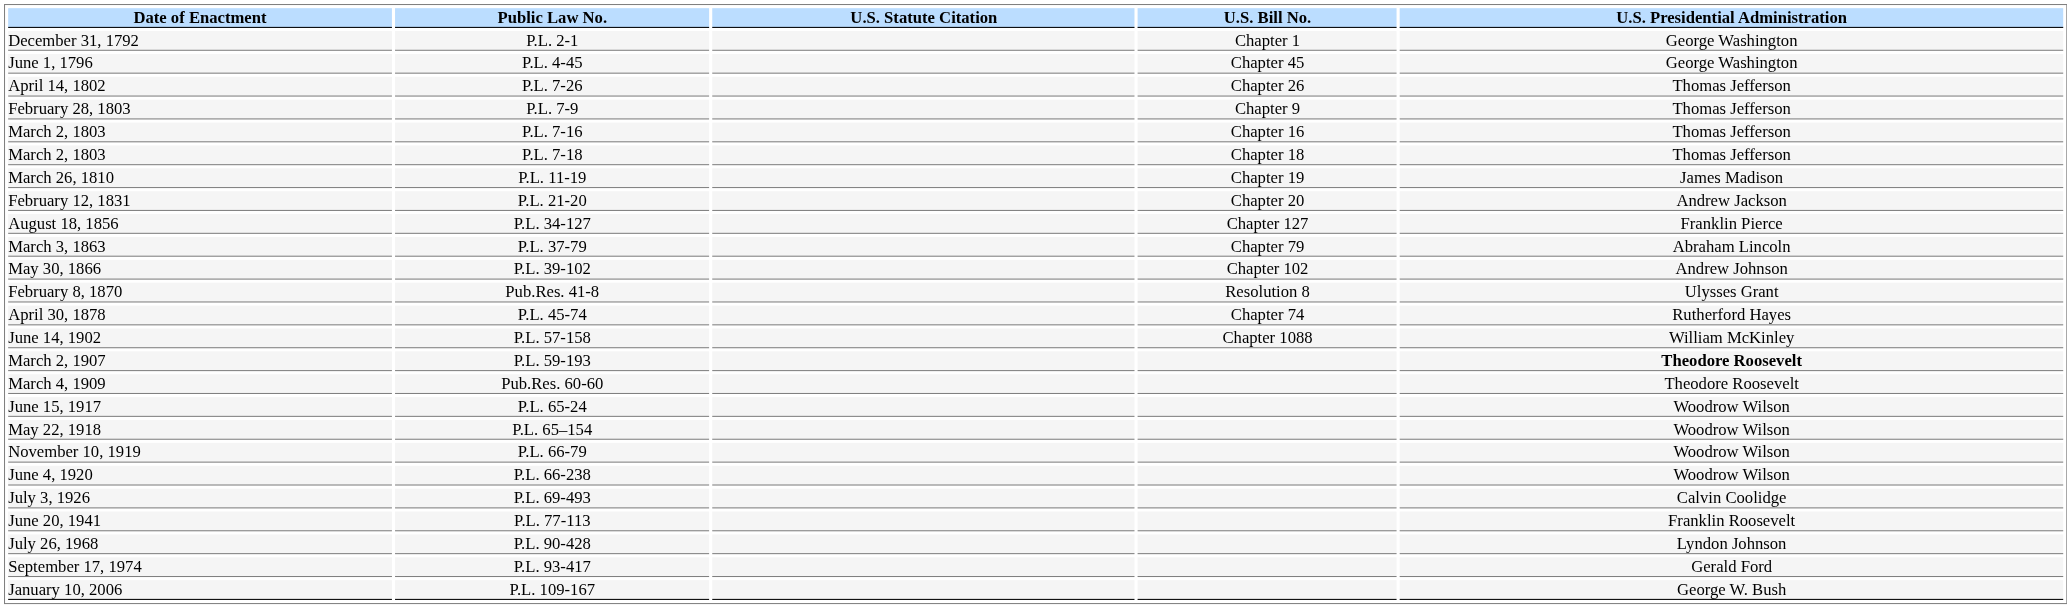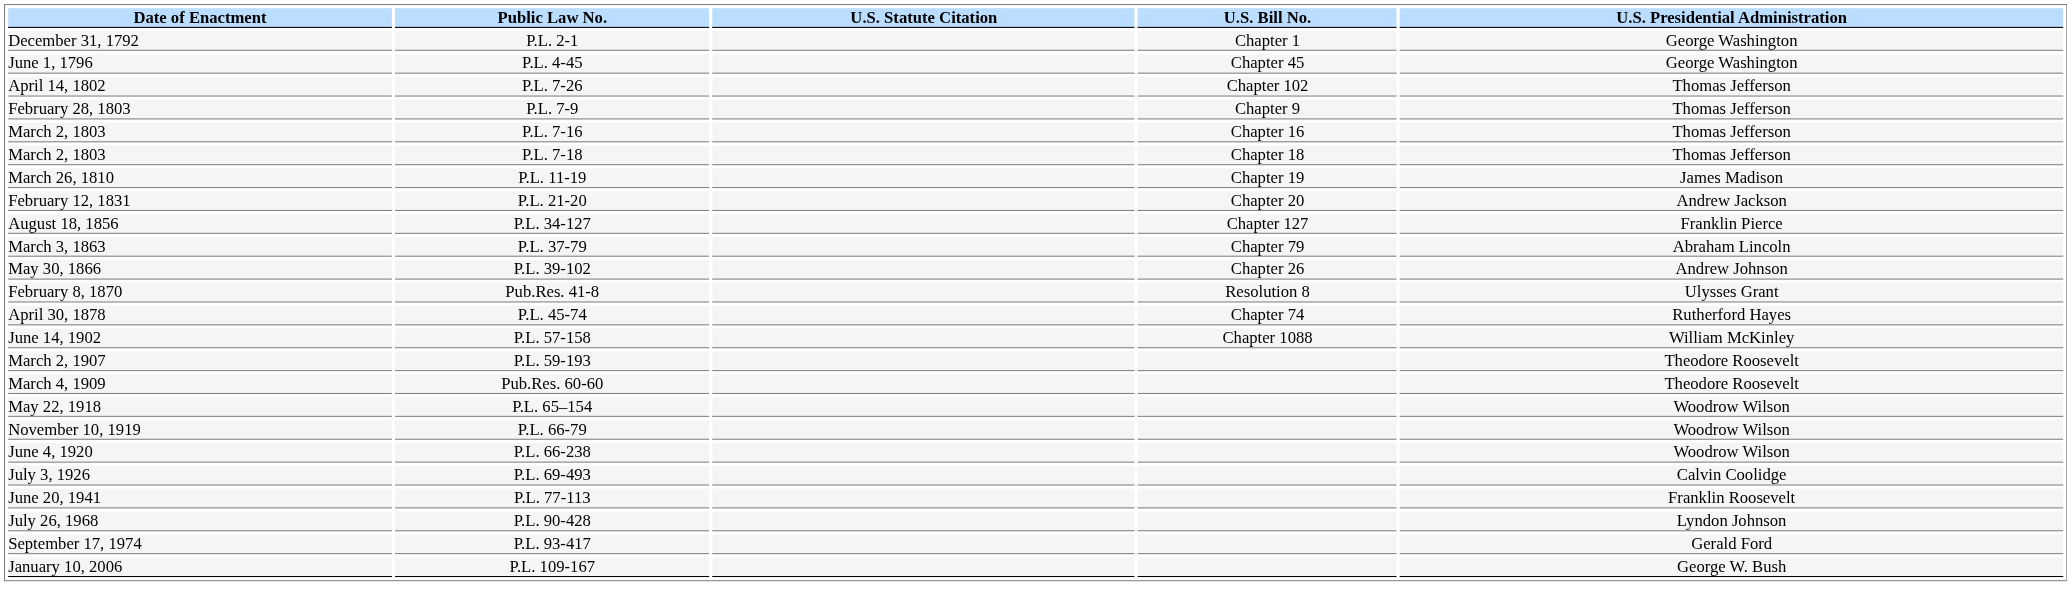 <table style="border:1px solid gray; align:left; width:100%" cellspacing=3 cellpadding=0>
 <tr style="font-weight:bold; text-align:center; background:#bbddff; color:black;">
 <th style=" border-bottom:1.5px solid black">Date of Enactment</th>
 <th style=" border-bottom:1.5px solid black">Public Law No.</th>
 <th style=" border-bottom:1.5px solid black">U.S. Statute Citation</th>
 <th style=" border-bottom:1.5px solid black">U.S. Bill No.</th>
 <th style=" border-bottom:1.5px solid black">U.S. Presidential Administration</th>
 </tr>
 <tr>
 <td style="border-bottom:1px solid gray; background:#F5F5F5;">December 31, 1792</td>
 <td style="border-bottom:1px solid gray; background:#F5F5F5; text-align:center;">P.L. 2-1</td>
 <td style="border-bottom:1px solid gray; background:#F5F5F5; text-align:center;"></td>
 <td style="border-bottom:1px solid gray; background:#F5F5F5; text-align:center;">Chapter 1</td>
 <td style="border-bottom:1px solid gray; background:#F5F5F5; text-align:center;">George Washington</td>
 </tr>
 <tr>
 <td style="border-bottom:1px solid gray; background:#F5F5F5;">June 1, 1796</td>
 <td style="border-bottom:1px solid gray; background:#F5F5F5; text-align:center;">P.L. 4-45</td>
 <td style="border-bottom:1px solid gray; background:#F5F5F5; text-align:center;"></td>
 <td style="border-bottom:1px solid gray; background:#F5F5F5; text-align:center;">Chapter 45</td>
 <td style="border-bottom:1px solid gray; background:#F5F5F5; text-align:center;">George Washington</td>
 </tr>
 <tr>
 <td style="border-bottom:1px solid gray; background:#F5F5F5;">April 14, 1802</td>
 <td style="border-bottom:1px solid gray; background:#F5F5F5; text-align:center;">P.L. 7-26</td>
 <td style="border-bottom:1px solid gray; background:#F5F5F5; text-align:center;"></td>
-<td style="border-bottom:1px solid gray; background:#F5F5F5; text-align:center;">Chapter 26</td>
+<td style="border-bottom:1px solid gray; background:#F5F5F5; text-align:center;">Chapter 102</td>
 <td style="border-bottom:1px solid gray; background:#F5F5F5; text-align:center;">Thomas Jefferson</td>
 </tr>
 <tr>
 <td style="border-bottom:1px solid gray; background:#F5F5F5;">February 28, 1803</td>
 <td style="border-bottom:1px solid gray; background:#F5F5F5; text-align:center;">P.L. 7-9</td>
 <td style="border-bottom:1px solid gray; background:#F5F5F5; text-align:center;"></td>
 <td style="border-bottom:1px solid gray; background:#F5F5F5; text-align:center;">Chapter 9</td>
 <td style="border-bottom:1px solid gray; background:#F5F5F5; text-align:center;">Thomas Jefferson</td>
 </tr>
 <tr>
 <td style="border-bottom:1px solid gray; background:#F5F5F5;">March 2, 1803</td>
 <td style="border-bottom:1px solid gray; background:#F5F5F5; text-align:center;">P.L. 7-16</td>
 <td style="border-bottom:1px solid gray; background:#F5F5F5; text-align:center;"></td>
 <td style="border-bottom:1px solid gray; background:#F5F5F5; text-align:center;">Chapter 16</td>
 <td style="border-bottom:1px solid gray; background:#F5F5F5; text-align:center;">Thomas Jefferson</td>
 </tr>
 <tr>
 <td style="border-bottom:1px solid gray; background:#F5F5F5;">March 2, 1803</td>
 <td style="border-bottom:1px solid gray; background:#F5F5F5; text-align:center;">P.L. 7-18</td>
 <td style="border-bottom:1px solid gray; background:#F5F5F5; text-align:center;"></td>
 <td style="border-bottom:1px solid gray; background:#F5F5F5; text-align:center;">Chapter 18</td>
 <td style="border-bottom:1px solid gray; background:#F5F5F5; text-align:center;">Thomas Jefferson</td>
 </tr>
 <tr>
 <td style="border-bottom:1px solid gray; background:#F5F5F5;">March 26, 1810</td>
 <td style="border-bottom:1px solid gray; background:#F5F5F5; text-align:center;">P.L. 11-19</td>
 <td style="border-bottom:1px solid gray; background:#F5F5F5; text-align:center;"></td>
 <td style="border-bottom:1px solid gray; background:#F5F5F5; text-align:center;">Chapter 19</td>
 <td style="border-bottom:1px solid gray; background:#F5F5F5; text-align:center;">James Madison</td>
 </tr>
 <tr>
 <td style="border-bottom:1px solid gray; background:#F5F5F5;">February 12, 1831</td>
 <td style="border-bottom:1px solid gray; background:#F5F5F5; text-align:center;">P.L. 21-20</td>
 <td style="border-bottom:1px solid gray; background:#F5F5F5; text-align:center;"></td>
 <td style="border-bottom:1px solid gray; background:#F5F5F5; text-align:center;">Chapter 20</td>
 <td style="border-bottom:1px solid gray; background:#F5F5F5; text-align:center;">Andrew Jackson</td>
 </tr>
 <tr>
 <td style="border-bottom:1px solid gray; background:#F5F5F5;">August 18, 1856</td>
 <td style="border-bottom:1px solid gray; background:#F5F5F5; text-align:center;">P.L. 34-127</td>
 <td style="border-bottom:1px solid gray; background:#F5F5F5; text-align:center;"></td>
 <td style="border-bottom:1px solid gray; background:#F5F5F5; text-align:center;">Chapter 127</td>
 <td style="border-bottom:1px solid gray; background:#F5F5F5; text-align:center;">Franklin Pierce</td>
 </tr>
 <tr>
 <td style="border-bottom:1px solid gray; background:#F5F5F5;">March 3, 1863</td>
 <td style="border-bottom:1px solid gray; background:#F5F5F5; text-align:center;">P.L. 37-79</td>
 <td style="border-bottom:1px solid gray; background:#F5F5F5; text-align:center;"></td>
 <td style="border-bottom:1px solid gray; background:#F5F5F5; text-align:center;">Chapter 79</td>
 <td style="border-bottom:1px solid gray; background:#F5F5F5; text-align:center;">Abraham Lincoln</td>
 </tr>
 <tr>
 <td style="border-bottom:1px solid gray; background:#F5F5F5;">May 30, 1866</td>
 <td style="border-bottom:1px solid gray; background:#F5F5F5; text-align:center;">P.L. 39-102</td>
 <td style="border-bottom:1px solid gray; background:#F5F5F5; text-align:center;"></td>
-<td style="border-bottom:1px solid gray; background:#F5F5F5; text-align:center;">Chapter 102</td>
+<td style="border-bottom:1px solid gray; background:#F5F5F5; text-align:center;">Chapter 26</td>
 <td style="border-bottom:1px solid gray; background:#F5F5F5; text-align:center;">Andrew Johnson</td>
 </tr>
 <tr>
 <td style="border-bottom:1px solid gray; background:#F5F5F5;">February 8, 1870</td>
 <td style="border-bottom:1px solid gray; background:#F5F5F5; text-align:center;">Pub.Res. 41-8</td>
 <td style="border-bottom:1px solid gray; background:#F5F5F5; text-align:center;"></td>
 <td style="border-bottom:1px solid gray; background:#F5F5F5; text-align:center;">Resolution 8</td>
 <td style="border-bottom:1px solid gray; background:#F5F5F5; text-align:center;">Ulysses Grant</td>
 </tr>
 <tr>
 <td style="border-bottom:1px solid gray; background:#F5F5F5;">April 30, 1878</td>
 <td style="border-bottom:1px solid gray; background:#F5F5F5; text-align:center;">P.L. 45-74</td>
 <td style="border-bottom:1px solid gray; background:#F5F5F5; text-align:center;"></td>
 <td style="border-bottom:1px solid gray; background:#F5F5F5; text-align:center;">Chapter 74</td>
 <td style="border-bottom:1px solid gray; background:#F5F5F5; text-align:center;">Rutherford Hayes</td>
 </tr>
 <tr>
 <td style="border-bottom:1px solid gray; background:#F5F5F5;">June 14, 1902</td>
 <td style="border-bottom:1px solid gray; background:#F5F5F5; text-align:center;">P.L. 57-158</td>
 <td style="border-bottom:1px solid gray; background:#F5F5F5; text-align:center;"></td>
 <td style="border-bottom:1px solid gray; background:#F5F5F5; text-align:center;">Chapter 1088</td>
 <td style="border-bottom:1px solid gray; background:#F5F5F5; text-align:center;">William McKinley</td>
 </tr>
 <tr>
 <td style="border-bottom:1px solid gray; background:#F5F5F5;">March 2, 1907</td>
 <td style="border-bottom:1px solid gray; background:#F5F5F5; text-align:center;">P.L. 59-193</td>
 <td style="border-bottom:1px solid gray; background:#F5F5F5; text-align:center;"></td>
 <td style="border-bottom:1px solid gray; background:#F5F5F5; text-align:center;"></td>
-<td style="border-bottom:1px solid gray; background:#F5F5F5; text-align:center;"><strong>Theodore Roosevelt</strong></td>
+<td style="border-bottom:1px solid gray; background:#F5F5F5; text-align:center;">Theodore Roosevelt</td>
 </tr>
 <tr>
 <td style="border-bottom:1px solid gray; background:#F5F5F5;">March 4, 1909</td>
 <td style="border-bottom:1px solid gray; background:#F5F5F5; text-align:center;">Pub.Res. 60-60</td>
 <td style="border-bottom:1px solid gray; background:#F5F5F5; text-align:center;"></td>
 <td style="border-bottom:1px solid gray; background:#F5F5F5; text-align:center;"></td>
 <td style="border-bottom:1px solid gray; background:#F5F5F5; text-align:center;">Theodore Roosevelt</td>
-</tr>
-<tr>
-<td style="border-bottom:1px solid gray; background:#F5F5F5;">June 15, 1917</td>
-<td style="border-bottom:1px solid gray; background:#F5F5F5; text-align:center;">P.L. 65-24</td>
-<td style="border-bottom:1px solid gray; background:#F5F5F5; text-align:center;"></td>
-<td style="border-bottom:1px solid gray; background:#F5F5F5; text-align:center;"></td>
-<td style="border-bottom:1px solid gray; background:#F5F5F5; text-align:center;">Woodrow Wilson</td>
 </tr>
 <tr>
 <td style="border-bottom:1px solid gray; background:#F5F5F5;">May 22, 1918</td>
 <td style="border-bottom:1px solid gray; background:#F5F5F5; text-align:center;">P.L. 65–154</td>
 <td style="border-bottom:1px solid gray; background:#F5F5F5; text-align:center;"></td>
 <td style="border-bottom:1px solid gray; background:#F5F5F5; text-align:center;"></td>
 <td style="border-bottom:1px solid gray; background:#F5F5F5; text-align:center;">Woodrow Wilson</td>
 </tr>
 <tr>
 <td style="border-bottom:1px solid gray; background:#F5F5F5;">November 10, 1919</td>
 <td style="border-bottom:1px solid gray; background:#F5F5F5; text-align:center;">P.L. 66-79</td>
 <td style="border-bottom:1px solid gray; background:#F5F5F5; text-align:center;"></td>
 <td style="border-bottom:1px solid gray; background:#F5F5F5; text-align:center;"></td>
 <td style="border-bottom:1px solid gray; background:#F5F5F5; text-align:center;">Woodrow Wilson</td>
 </tr>
 <tr>
 <td style="border-bottom:1px solid gray; background:#F5F5F5;">June 4, 1920</td>
 <td style="border-bottom:1px solid gray; background:#F5F5F5; text-align:center;">P.L. 66-238</td>
 <td style="border-bottom:1px solid gray; background:#F5F5F5; text-align:center;"></td>
 <td style="border-bottom:1px solid gray; background:#F5F5F5; text-align:center;"></td>
 <td style="border-bottom:1px solid gray; background:#F5F5F5; text-align:center;">Woodrow Wilson</td>
 </tr>
 <tr>
 <td style="border-bottom:1px solid gray; background:#F5F5F5;">July 3, 1926</td>
 <td style="border-bottom:1px solid gray; background:#F5F5F5; text-align:center;">P.L. 69-493</td>
 <td style="border-bottom:1px solid gray; background:#F5F5F5; text-align:center;"></td>
 <td style="border-bottom:1px solid gray; background:#F5F5F5; text-align:center;"></td>
 <td style="border-bottom:1px solid gray; background:#F5F5F5; text-align:center;">Calvin Coolidge</td>
 </tr>
 <tr>
 <td style="border-bottom:1px solid gray; background:#F5F5F5;">June 20, 1941</td>
 <td style="border-bottom:1px solid gray; background:#F5F5F5; text-align:center;">P.L. 77-113</td>
 <td style="border-bottom:1px solid gray; background:#F5F5F5; text-align:center;"></td>
 <td style="border-bottom:1px solid gray; background:#F5F5F5; text-align:center;"></td>
 <td style="border-bottom:1px solid gray; background:#F5F5F5; text-align:center;">Franklin Roosevelt</td>
 </tr>
 <tr>
 <td style="border-bottom:1px solid gray; background:#F5F5F5;">July 26, 1968</td>
 <td style="border-bottom:1px solid gray; background:#F5F5F5; text-align:center;">P.L. 90-428</td>
 <td style="border-bottom:1px solid gray; background:#F5F5F5; text-align:center;"></td>
 <td style="border-bottom:1px solid gray; background:#F5F5F5; text-align:center;"></td>
 <td style="border-bottom:1px solid gray; background:#F5F5F5; text-align:center;">Lyndon Johnson</td>
 </tr>
 <tr>
 <td style="border-bottom:1px solid gray; background:#F5F5F5;">September 17, 1974</td>
 <td style="border-bottom:1px solid gray; background:#F5F5F5; text-align:center;">P.L. 93-417</td>
 <td style="border-bottom:1px solid gray; background:#F5F5F5; text-align:center;"></td>
 <td style="border-bottom:1px solid gray; background:#F5F5F5; text-align:center;"></td>
 <td style="border-bottom:1px solid gray; background:#F5F5F5; text-align:center;">Gerald Ford</td>
 </tr>
 <tr>
 <td style="border-bottom:1.5px solid black; background:#F5F5F5;">January 10, 2006</td>
 <td style="border-bottom:1.5px solid black; background:#F5F5F5; text-align:center;">P.L. 109-167</td>
 <td style="border-bottom:1.5px solid black; background:#F5F5F5; text-align:center;"></td>
 <td style="border-bottom:1.5px solid black; background:#F5F5F5; text-align:center;"></td>
 <td style="border-bottom:1.5px solid black; background:#F5F5F5; text-align:center;">George W. Bush</td>
 </tr>
 </table>
